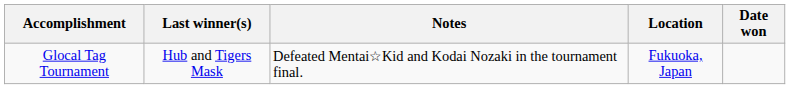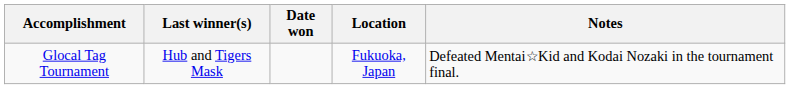 <table class="wikitable" style="text-align:center;">
 <tr>
 <th>Accomplishment</th>
 <th>Last winner(s)</th>
+<th>Date won</th>
+<th>Location</th>
 <th>Notes</th>
-<th>Location</th>
-<th>Date won</th>
 </tr>
 <tr>
 <td><a href='#'>Glocal Tag Tournament</a></td>
 <td><a href='#'>Hub</a> and <a href='#'>Tigers Mask</a></td>
+<td></td>
+<td><a href='#'>Fukuoka, Japan</a></td>
 <td align=left>Defeated Mentai☆Kid and Kodai Nozaki in the tournament final.</td>
-<td><a href='#'>Fukuoka, Japan</a></td>
-<td></td>
 </tr>
 </table>
